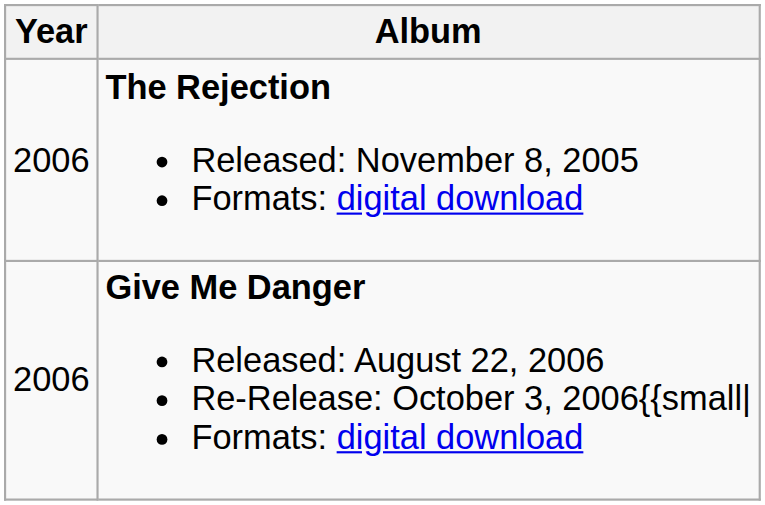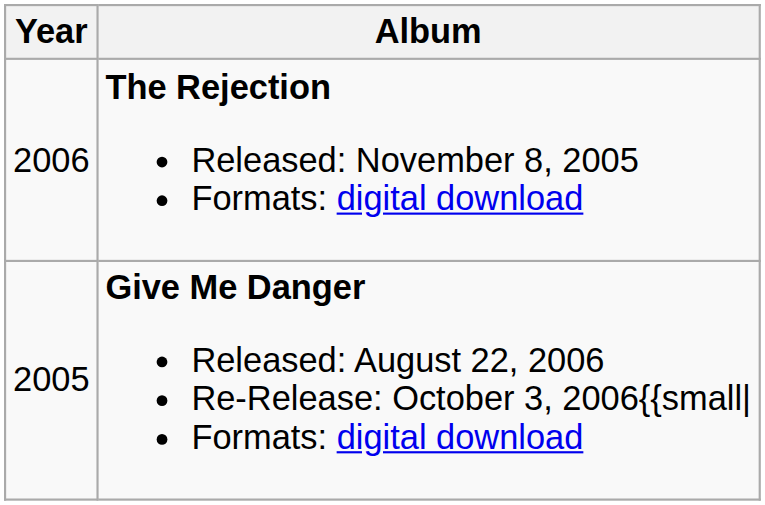 <table class="wikitable">
 <tr>
 <th>Year</th>
 <th>Album</th>
 </tr>
 <tr>
 <td>2006</td>
 <td><strong>The Rejection</strong><br><ul><li>Released: November 8, 2005</li><li>Formats: <a href='#'>digital download</a></li></ul></td>
 </tr>
 <tr>
-<td>2006</td>
+<td>2005</td>
 <td><strong>Give Me Danger</strong><br><ul><li>Released: August 22, 2006</li><li>Re-Release: October 3, 2006{{small|</li><li>Formats: <a href='#'>digital download</a></li></ul></td>
 </tr>
 </table>
